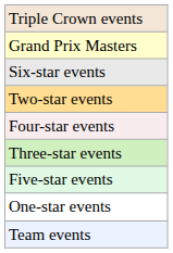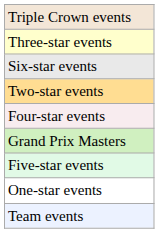 <table class=wikitable  style=font-size:95%;width:12%>
 <tr style="background:#F3E6D7;">
 <td>Triple Crown events</td>
 </tr>
 <tr style="background:#ffc;">
-<td>Grand Prix Masters</td>
+<td>Three-star events</td>
 </tr>
 <tr style="background:#E9E9E9;">
 <td>Six-star events</td>
 </tr>
 <tr style="background:#FFDD92;">
 <td>Two-star events</td>
 </tr>
 <tr style="background:#F8ECEF;">
 <td>Four-star events</td>
 </tr>
 <tr style="background:#d0f0c0;">
-<td>Three-star events</td>
+<td>Grand Prix Masters</td>
 </tr>
 <tr style="background:#E1FAE6;">
 <td>Five-star events</td>
 </tr>
 <tr style="background:#fff;">
 <td>One-star events</td>
 </tr>
 <tr style="background:#ECF2FF;">
 <td>Team events</td>
 </tr>
 </table>
